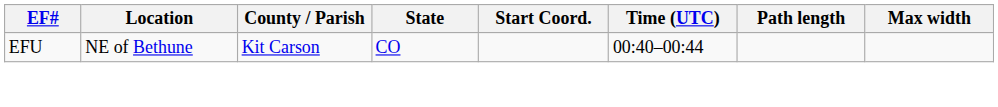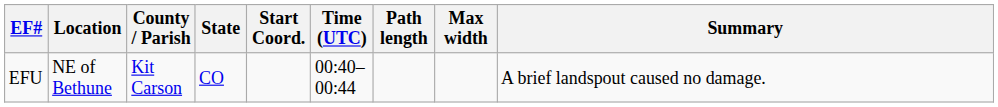 <table class="wikitable sortable" style="width:100%;">
 <tr>
 <th scope="col"  style="width:3%; text-align:center;"><a href='#'>EF#</a></th>
 <th scope="col"  style="width:7%; text-align:center;" class="unsortable">Location</th>
 <th scope="col"  style="width:6%; text-align:center;" class="unsortable">County / Parish</th>
 <th scope="col"  style="width:5%; text-align:center;">State</th>
 <th scope="col"  style="width:6%; text-align:center;">Start Coord.</th>
 <th scope="col"  style="width:6%; text-align:center;">Time (<a href='#'>UTC</a>)</th>
 <th scope="col"  style="width:6%; text-align:center;">Path length</th>
 <th scope="col"  style="width:6%; text-align:center;">Max width</th>
+<th scope="col" class="unsortable" style="width:48%; text-align:center;">Summary</th>
 </tr>
 <tr>
 <td>EFU</td>
 <td>NE of <a href='#'>Bethune</a></td>
 <td><a href='#'>Kit Carson</a></td>
 <td><a href='#'>CO</a></td>
 <td></td>
 <td>00:40–00:44</td>
 <td></td>
 <td></td>
+<td>A brief landspout caused no damage.</td>
 </tr>
 </table>
